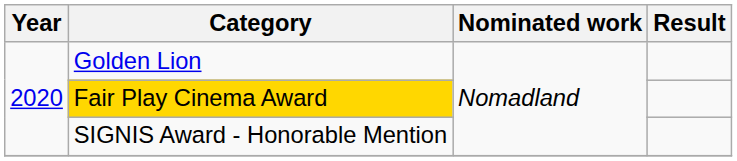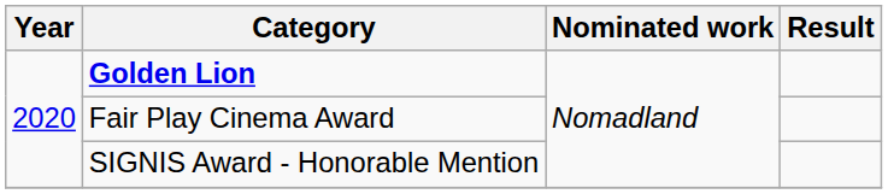 <table class="wikitable">
 <tr>
 <th>Year</th>
 <th>Category</th>
 <th>Nominated work</th>
 <th>Result</th>
 </tr>
 <tr>
 <td rowspan="3"><a href='#'>2020</a></td>
-<td><a href='#'>Golden Lion</a></td>
+<td><strong><a href='#'>Golden Lion</a></strong></td>
 <td rowspan=3><em>Nomadland</em></td>
 <td></td>
 </tr>
 <tr>
-<td style="background: gold;">Fair Play Cinema Award</td>
+<td>Fair Play Cinema Award</td>
 <td></td>
 </tr>
 <tr>
 <td>SIGNIS Award - Honorable Mention</td>
 <td></td>
 </tr>
 <tr>
 </tr>
 </table>
